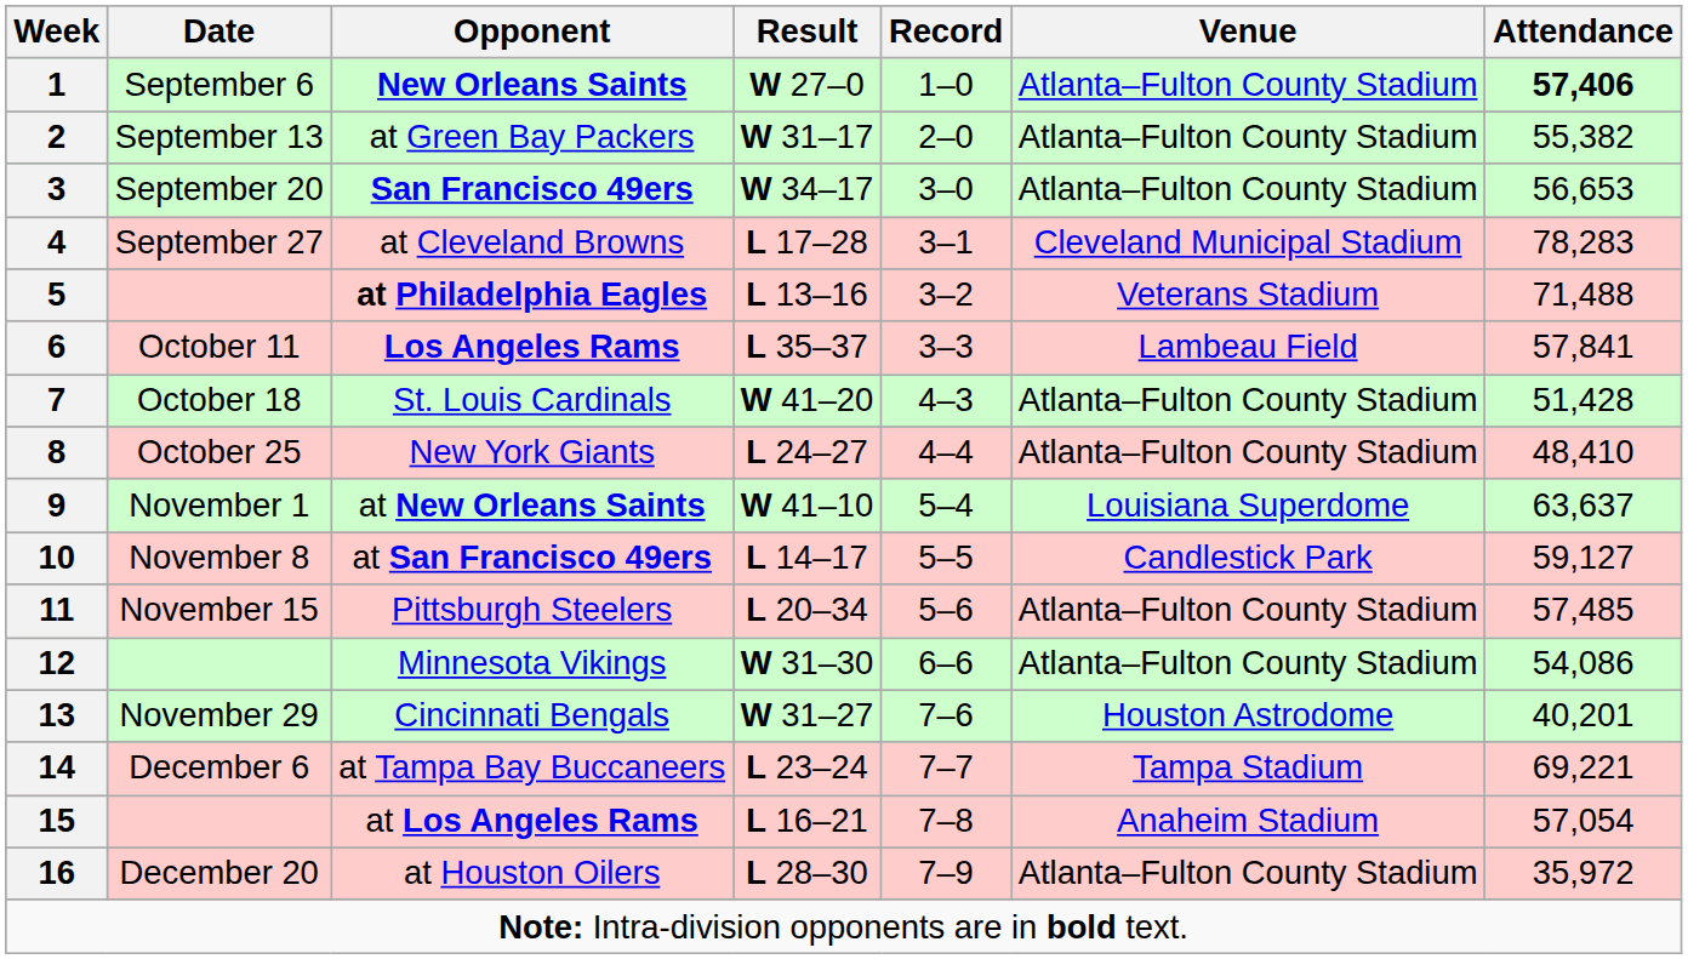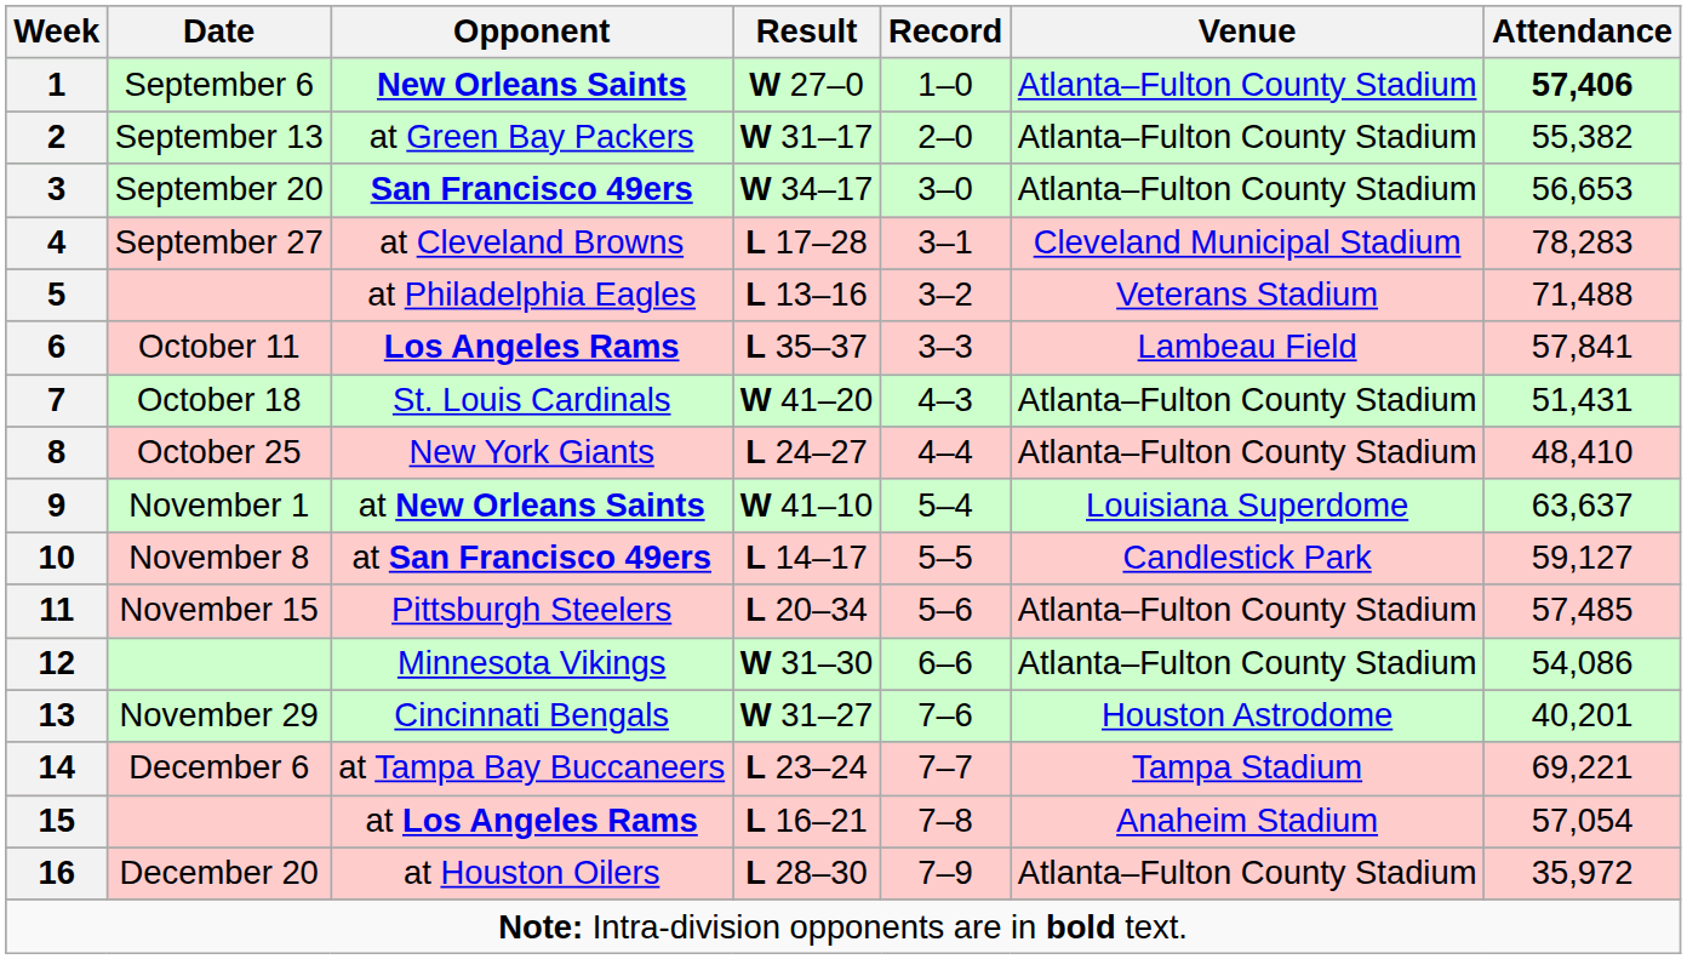 <table class="wikitable" style="text-align:center">
 <tr>
 <th>Week</th>
 <th>Date</th>
 <th>Opponent</th>
 <th>Result</th>
 <th>Record</th>
 <th>Venue</th>
 <th>Attendance</th>
 </tr>
 <tr style="background:#cfc">
 <th>1</th>
 <td>September 6</td>
 <td><strong><a href='#'>New Orleans Saints</a></strong></td>
 <td><strong>W</strong> 27–0</td>
 <td>1–0</td>
 <td><a href='#'>Atlanta–Fulton County Stadium</a></td>
 <td><strong>57,406</strong></td>
 </tr>
 <tr style="background:#cfc">
 <th>2</th>
 <td>September 13</td>
 <td>at <a href='#'>Green Bay Packers</a></td>
 <td><strong>W</strong> 31–17</td>
 <td>2–0</td>
 <td>Atlanta–Fulton County Stadium</td>
 <td>55,382</td>
 </tr>
 <tr style="background:#cfc">
 <th>3</th>
 <td>September 20</td>
 <td><strong><a href='#'>San Francisco 49ers</a></strong></td>
 <td><strong>W</strong> 34–17</td>
 <td>3–0</td>
 <td>Atlanta–Fulton County Stadium</td>
 <td>56,653</td>
 </tr>
 <tr style="background:#fcc">
 <th>4</th>
 <td>September 27</td>
 <td>at <a href='#'>Cleveland Browns</a></td>
 <td><strong>L</strong> 17–28</td>
 <td>3–1</td>
 <td><a href='#'>Cleveland Municipal Stadium</a></td>
 <td>78,283</td>
 </tr>
 <tr style="background:#fcc">
 <th>5</th>
 <td></td>
-<td><strong>at <a href='#'>Philadelphia Eagles</a></strong></td>
+<td>at <a href='#'>Philadelphia Eagles</a></td>
 <td><strong>L</strong> 13–16</td>
 <td>3–2</td>
 <td><a href='#'>Veterans Stadium</a></td>
 <td>71,488</td>
 </tr>
 <tr style="background:#fcc">
 <th>6</th>
 <td>October 11</td>
 <td><strong><a href='#'>Los Angeles Rams</a></strong></td>
 <td><strong>L</strong> 35–37</td>
 <td>3–3</td>
 <td><a href='#'>Lambeau Field</a></td>
 <td>57,841</td>
 </tr>
 <tr style="background:#cfc">
 <th>7</th>
 <td>October 18</td>
 <td><a href='#'>St. Louis Cardinals</a></td>
 <td><strong>W</strong> 41–20</td>
 <td>4–3</td>
 <td>Atlanta–Fulton County Stadium</td>
-<td>51,428</td>
+<td>51,431</td>
 </tr>
 <tr style="background:#fcc">
 <th>8</th>
 <td>October 25</td>
 <td><a href='#'>New York Giants</a></td>
 <td><strong>L</strong> 24–27</td>
 <td>4–4</td>
 <td>Atlanta–Fulton County Stadium</td>
 <td>48,410</td>
 </tr>
 <tr style="background:#cfc">
 <th>9</th>
 <td>November 1</td>
 <td>at <strong><a href='#'>New Orleans Saints</a></strong></td>
 <td><strong>W</strong> 41–10</td>
 <td>5–4</td>
 <td><a href='#'>Louisiana Superdome</a></td>
 <td>63,637</td>
 </tr>
 <tr style="background:#fcc">
 <th>10</th>
 <td>November 8</td>
 <td>at <strong><a href='#'>San Francisco 49ers</a></strong></td>
 <td><strong>L</strong> 14–17</td>
 <td>5–5</td>
 <td><a href='#'>Candlestick Park</a></td>
 <td>59,127</td>
 </tr>
 <tr style="background:#fcc">
 <th>11</th>
 <td>November 15</td>
 <td><a href='#'>Pittsburgh Steelers</a></td>
 <td><strong>L</strong> 20–34</td>
 <td>5–6</td>
 <td>Atlanta–Fulton County Stadium</td>
 <td>57,485</td>
 </tr>
 <tr style="background:#cfc">
 <th>12</th>
 <td></td>
 <td><a href='#'>Minnesota Vikings</a></td>
 <td><strong>W</strong> 31–30</td>
 <td>6–6</td>
 <td>Atlanta–Fulton County Stadium</td>
 <td>54,086</td>
 </tr>
 <tr style="background:#cfc">
 <th>13</th>
 <td>November 29</td>
 <td><a href='#'>Cincinnati Bengals</a></td>
 <td><strong>W</strong> 31–27</td>
 <td>7–6</td>
 <td><a href='#'>Houston Astrodome</a></td>
 <td>40,201</td>
 </tr>
 <tr style="background:#fcc">
 <th>14</th>
 <td>December 6</td>
 <td>at <a href='#'>Tampa Bay Buccaneers</a></td>
 <td><strong>L</strong> 23–24</td>
 <td>7–7</td>
 <td><a href='#'>Tampa Stadium</a></td>
 <td>69,221</td>
 </tr>
 <tr style="background:#fcc">
 <th>15</th>
 <td></td>
 <td>at <strong><a href='#'>Los Angeles Rams</a></strong></td>
 <td><strong>L</strong> 16–21</td>
 <td>7–8</td>
 <td><a href='#'>Anaheim Stadium</a></td>
 <td>57,054</td>
 </tr>
 <tr style="background:#fcc">
 <th>16</th>
 <td>December 20</td>
 <td>at <a href='#'>Houston Oilers</a></td>
 <td><strong>L</strong> 28–30</td>
 <td>7–9</td>
 <td>Atlanta–Fulton County Stadium</td>
 <td>35,972</td>
 </tr>
 <tr>
 <td colspan="8"><strong>Note:</strong> Intra-division opponents are in <strong>bold</strong> text.</td>
 </tr>
 </table>
